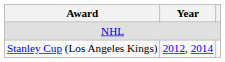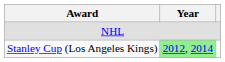 <table class="wikitable">
 <tr>
 <th>Award</th>
 <th>Year</th>
 <th></th>
 </tr>
 <tr ALIGN="center" bgcolor="#e0e0e0">
 <td colspan="3"><a href='#'>NHL</a></td>
 </tr>
 <tr>
 <td><a href='#'>Stanley Cup</a> (Los Angeles Kings)</td>
-<td><a href='#'>2012</a>, <a href='#'>2014</a></td>
+<td style="background: lightgreen;"><a href='#'>2012</a>, <a href='#'>2014</a></td>
 <td></td>
 </tr>
 </table>
